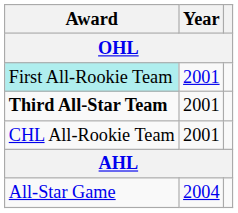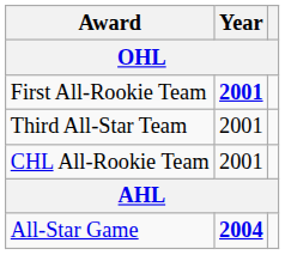 <table class="wikitable">
 <tr>
 <th>Award</th>
 <th>Year</th>
 <th></th>
 </tr>
 <tr>
 <th colspan="3"><a href='#'>OHL</a></th>
 </tr>
 <tr>
-<td style="background: paleturquoise;">First All-Rookie Team</td>
-<td><a href='#'>2001</a></td>
+<td>First All-Rookie Team</td>
+<td><strong><a href='#'>2001</a></strong></td>
 <td></td>
 </tr>
 <tr>
-<td><strong>Third All-Star Team</strong></td>
+<td>Third All-Star Team</td>
 <td>2001</td>
 <td></td>
 </tr>
 <tr>
 <td><a href='#'>CHL</a> All-Rookie Team</td>
 <td>2001</td>
 <td></td>
 </tr>
 <tr>
 <th colspan="3"><a href='#'>AHL</a></th>
 </tr>
 <tr>
 <td><a href='#'>All-Star Game</a></td>
-<td><a href='#'>2004</a></td>
+<td><strong><a href='#'>2004</a></strong></td>
 <td></td>
 </tr>
 </table>
